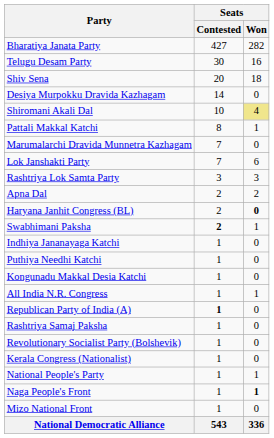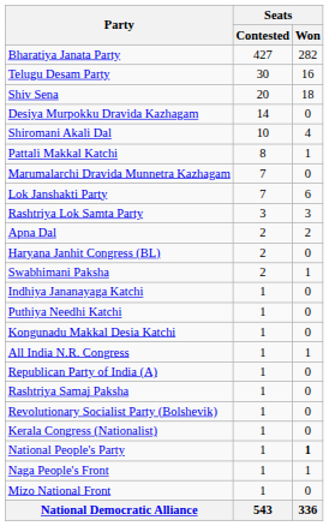 <table class="wikitable floatright sortable">
 <tr>
 <th Rowspan=2>Party</th>
 <th Colspan=2>Seats</th>
 </tr>
 <tr>
 <th>Contested</th>
 <th>Won</th>
 </tr>
 <tr>
 <td><a href='#'>Bharatiya Janata Party</a></td>
 <td align=center>427</td>
 <td align=center>282</td>
 </tr>
 <tr>
 <td><a href='#'>Telugu Desam Party</a></td>
 <td align=center>30</td>
 <td align=center>16</td>
 </tr>
 <tr>
 <td><a href='#'>Shiv Sena</a></td>
 <td align=center>20</td>
 <td align=center>18</td>
 </tr>
 <tr>
 <td><a href='#'>Desiya Murpokku Dravida Kazhagam</a></td>
 <td align=center>14</td>
 <td align=center>0</td>
 </tr>
 <tr>
 <td><a href='#'>Shiromani Akali Dal</a></td>
 <td align=center>10</td>
-<td align=center style="background: khaki;">4</td>
+<td align=center>4</td>
 </tr>
 <tr>
 <td><a href='#'>Pattali Makkal Katchi</a></td>
 <td align=center>8</td>
 <td align=center>1</td>
 </tr>
 <tr>
 <td><a href='#'>Marumalarchi Dravida Munnetra Kazhagam</a></td>
 <td align=center>7</td>
 <td align=center>0</td>
 </tr>
 <tr>
 <td><a href='#'>Lok Janshakti Party</a></td>
 <td align=center>7</td>
 <td align=center>6</td>
 </tr>
 <tr>
 <td><a href='#'>Rashtriya Lok Samta Party</a></td>
 <td align=center>3</td>
 <td align=center>3</td>
 </tr>
 <tr>
 <td><a href='#'>Apna Dal</a></td>
 <td align=center>2</td>
 <td align=center>2</td>
 </tr>
 <tr>
 <td><a href='#'>Haryana Janhit Congress (BL)</a></td>
 <td align=center>2</td>
-<td align=center><strong>0</strong></td>
+<td align=center>0</td>
 </tr>
 <tr>
 <td><a href='#'>Swabhimani Paksha</a></td>
-<td align=center><strong>2</strong></td>
+<td align=center>2</td>
 <td align=center>1</td>
 </tr>
 <tr>
 <td><a href='#'>Indhiya Jananayaga Katchi</a></td>
 <td align=center>1</td>
 <td align=center>0</td>
 </tr>
 <tr>
 <td><a href='#'>Puthiya Needhi Katchi</a></td>
 <td align=center>1</td>
 <td align=center>0</td>
 </tr>
 <tr>
 <td><a href='#'>Kongunadu Makkal Desia Katchi</a></td>
 <td align=center>1</td>
 <td align=center>0</td>
 </tr>
 <tr>
 <td><a href='#'>All India N.R. Congress</a></td>
 <td align=center>1</td>
 <td align=center>1</td>
 </tr>
 <tr>
 <td><a href='#'>Republican Party of India (A)</a></td>
-<td align=center><strong>1</strong></td>
+<td align=center>1</td>
 <td align=center>0</td>
 </tr>
 <tr>
 <td><a href='#'>Rashtriya Samaj Paksha</a></td>
 <td align=center>1</td>
 <td align=center>0</td>
 </tr>
 <tr>
 <td><a href='#'>Revolutionary Socialist Party (Bolshevik)</a></td>
 <td align=center>1</td>
 <td align=center>0</td>
 </tr>
 <tr>
 <td><a href='#'>Kerala Congress (Nationalist)</a></td>
 <td align=center>1</td>
 <td align=center>0</td>
 </tr>
 <tr>
 <td><a href='#'>National People's Party</a></td>
 <td align=center>1</td>
-<td align=center>1</td>
+<td align=center><strong>1</strong></td>
 </tr>
 <tr>
 <td><a href='#'>Naga People's Front</a></td>
 <td align=center>1</td>
-<td align=center><strong>1</strong></td>
+<td align=center>1</td>
 </tr>
 <tr>
 <td><a href='#'>Mizo National Front</a></td>
 <td align=center>1</td>
 <td align=center>0</td>
 </tr>
 <tr>
 <th><a href='#'>National Democratic Alliance</a></th>
 <th>543</th>
 <th>336</th>
 </tr>
 </table>
